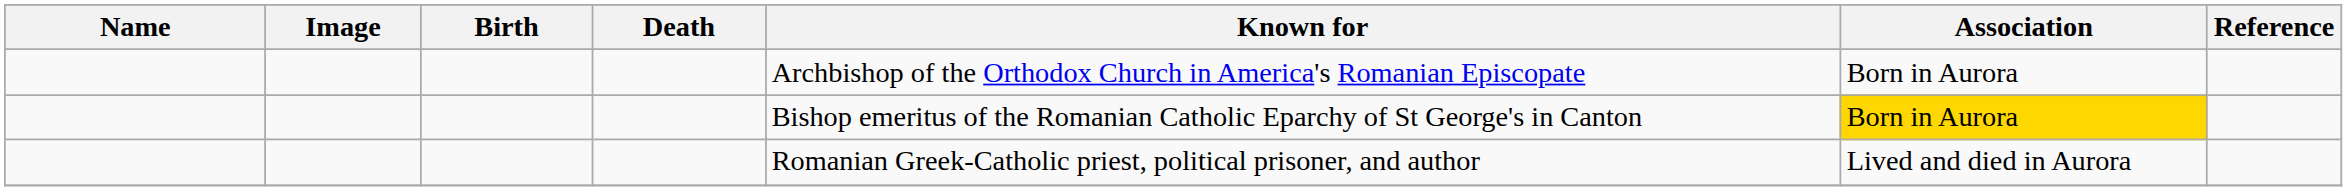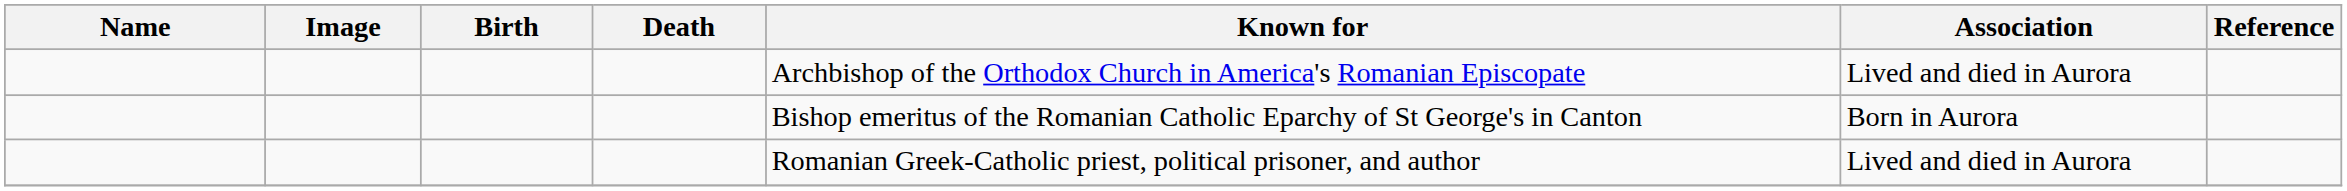 <table class="wikitable sortable">
 <tr>
 <th scope="col" width="140">Name</th>
 <th scope="col" width="80" class="unsortable">Image</th>
 <th scope="col" width="90">Birth</th>
 <th scope="col" width="90">Death</th>
 <th scope="col" width="600" class="unsortable">Known for</th>
 <th scope="col" width="200" class="unsortable">Association</th>
 <th scope="col" width="30" class="unsortable">Reference</th>
 </tr>
 <tr>
 <td></td>
 <td></td>
 <td align=right></td>
 <td align=right></td>
 <td>Archbishop of the <a href='#'>Orthodox Church in America</a>'s <a href='#'>Romanian Episcopate</a></td>
-<td>Born in Aurora</td>
+<td>Lived and died in Aurora</td>
 <td align="center"></td>
 </tr>
 <tr>
 <td></td>
 <td></td>
 <td align=right></td>
 <td align=right></td>
 <td>Bishop emeritus of the Romanian Catholic Eparchy of St George's in Canton</td>
-<td style="background: gold;">Born in Aurora</td>
+<td>Born in Aurora</td>
 <td align="center"></td>
 </tr>
 <tr>
 <td></td>
 <td></td>
 <td align=right></td>
 <td align=right></td>
 <td>Romanian Greek-Catholic priest, political prisoner, and author</td>
 <td>Lived and died in Aurora</td>
 <td align="center"></td>
 </tr>
 <tr>
 </tr>
 </table>
